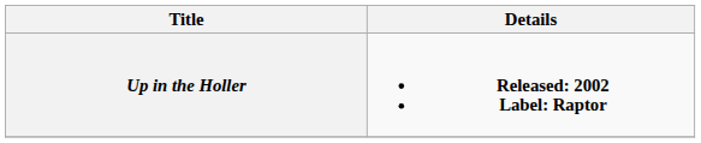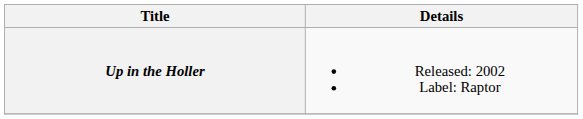 <table class="wikitable plainrowheaders" style="text-align:center;">
 <tr>
 <th style="width:20em;">Title</th>
 <th style="width:18em;">Details</th>
 </tr>
 <tr>
 <th scope="row"><em>Up in the Holler</em></th>
-<td><strong><br><ul><li>Released: 2002</li><li>Label: Raptor</li></ul></strong></td>
+<td><br><ul><li>Released: 2002</li><li>Label: Raptor</li></ul></td>
 </tr>
 <tr>
 </tr>
 </table>
